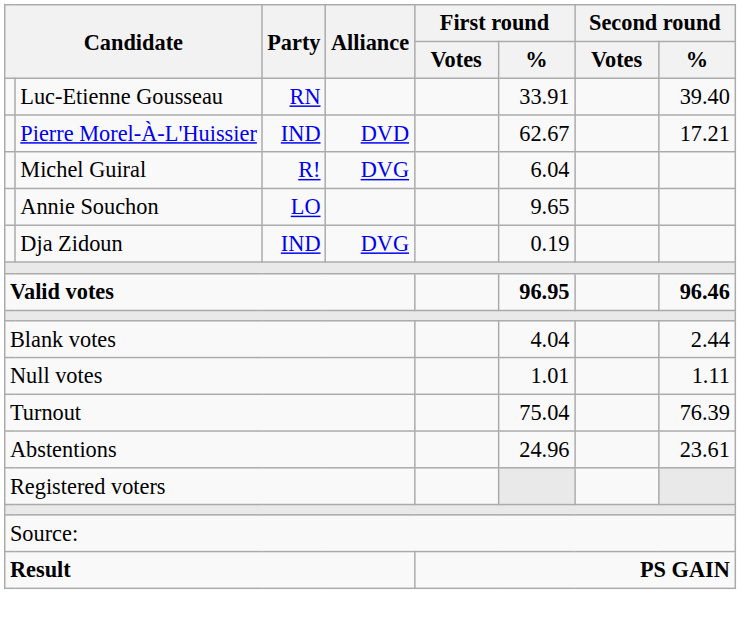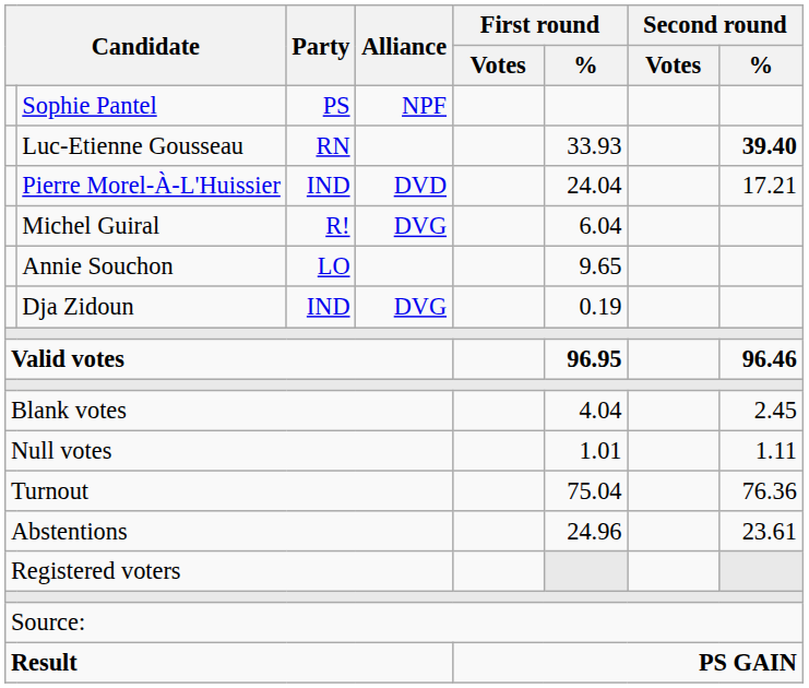 <table class="wikitable" style="text-align:right;font-size:95%;">
 <tr>
 <th colspan="2" rowspan="2">Candidate</th>
 <th colspan="1" rowspan="2">Party</th>
 <th colspan="1" rowspan="2">Alliance</th>
 <th colspan="2">First round</th>
 <th colspan="2">Second round</th>
 </tr>
 <tr>
 <th style="width:50px;">Votes</th>
 <th style="width:45px;">%</th>
 <th style="width:50px;">Votes</th>
 <th style="width:45px;">%</th>
 </tr>
 <tr>
 <td style="color:inherit;background:"></td>
+<td style="text-align:left;"><a href='#'>Sophie Pantel</a></td>
+<td><a href='#'>PS</a></td>
+<td><a href='#'>NPF</a></td>
+<td></td>
+<td></td>
+<td><strong></strong></td>
+<td><strong></strong></td>
+</tr>
+<tr>
+<td style="color:inherit;background:"></td>
 <td style="text-align:left;">Luc-Etienne Gousseau</td>
 <td><a href='#'>RN</a></td>
 <td></td>
 <td></td>
-<td>33.91</td>
+<td>33.93</td>
 <td></td>
-<td>39.40</td>
+<td><strong>39.40</strong></td>
 </tr>
 <tr>
 <td style="color:inherit;background:"></td>
 <td style="text-align:left;"><a href='#'>Pierre Morel-À-L'Huissier</a></td>
 <td><a href='#'>IND</a></td>
 <td><a href='#'>DVD</a></td>
 <td></td>
-<td>62.67</td>
+<td>24.04</td>
 <td></td>
 <td>17.21</td>
 </tr>
 <tr>
 <td style="color:inherit;background:"></td>
 <td style="text-align:left;">Michel Guiral</td>
 <td><a href='#'>R!</a></td>
 <td><a href='#'>DVG</a></td>
 <td></td>
 <td>6.04</td>
 <td></td>
 <td></td>
 </tr>
 <tr>
 <td style="color:inherit;background:"></td>
 <td style="text-align:left;">Annie Souchon</td>
 <td><a href='#'>LO</a></td>
 <td></td>
 <td></td>
 <td>9.65</td>
 <td></td>
 <td></td>
 </tr>
 <tr>
 <td style="color:inherit;background:"></td>
 <td style="text-align:left;">Dja Zidoun</td>
 <td><a href='#'>IND</a></td>
 <td><a href='#'>DVG</a></td>
 <td></td>
 <td>0.19</td>
 <td></td>
 <td></td>
 </tr>
 <tr>
 <td colspan="8" style="background:#E9E9E9;"></td>
 </tr>
 <tr style="font-weight:bold;">
 <td colspan="4" style="text-align:left;">Valid votes</td>
 <td></td>
 <td>96.95</td>
 <td></td>
 <td>96.46</td>
 </tr>
 <tr>
 <td colspan="8" style="background:#E9E9E9;"></td>
 </tr>
 <tr>
 <td colspan="4" style="text-align:left;">Blank votes</td>
 <td></td>
 <td>4.04</td>
 <td></td>
-<td>2.44</td>
+<td>2.45</td>
 </tr>
 <tr>
 <td colspan="4" style="text-align:left;">Null votes</td>
 <td></td>
 <td>1.01</td>
 <td></td>
 <td>1.11</td>
 </tr>
 <tr>
 <td colspan="4" style="text-align:left;">Turnout</td>
 <td></td>
 <td>75.04</td>
 <td></td>
-<td>76.39</td>
+<td>76.36</td>
 </tr>
 <tr>
 <td colspan="4" style="text-align:left;">Abstentions</td>
 <td></td>
 <td>24.96</td>
 <td></td>
 <td>23.61</td>
 </tr>
 <tr>
 <td colspan="4" style="text-align:left;">Registered voters</td>
 <td></td>
 <td style="background:#E9E9E9;"></td>
 <td></td>
 <td style="background:#E9E9E9;"></td>
 </tr>
 <tr>
 <td colspan="8" style="background:#E9E9E9;"></td>
 </tr>
 <tr>
 <td colspan="8" style="text-align:left;">Source: </td>
 </tr>
 <tr style="font-weight:bold">
 <td colspan="4" style="text-align:left;">Result</td>
 <td colspan="4" style="background-color:">PS GAIN</td>
 </tr>
 </table>
